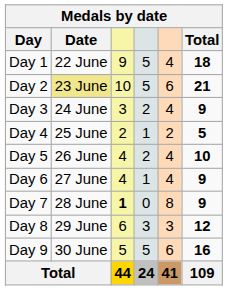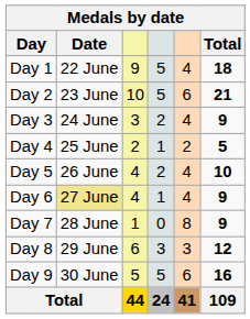 <table class=wikitable style="text-align:center;font-size:85%;float:right;clear:right;">
 <tr bgcolor=efefef>
 <th colspan=6>Medals by date</th>
 </tr>
 <tr>
 <th>Day</th>
 <th>Date</th>
 <td bgcolor=#f7f6a8></td>
 <td bgcolor=#dce5e5></td>
 <td bgcolor=#ffdab9></td>
 <th>Total</th>
 </tr>
 <tr>
 <td>Day 1</td>
 <td>22 June</td>
 <td bgcolor=F7F6A8>9</td>
 <td bgcolor=DCE5E5>5</td>
 <td bgcolor=FFDAB9>4</td>
 <td><strong>18</strong></td>
 </tr>
 <tr>
 <td>Day 2</td>
-<td style="background: khaki;">23 June</td>
+<td>23 June</td>
 <td bgcolor=F7F6A8>10</td>
 <td bgcolor=DCE5E5>5</td>
 <td bgcolor=FFDAB9>6</td>
 <td><strong>21</strong></td>
 </tr>
 <tr>
 <td>Day 3</td>
 <td>24 June</td>
 <td bgcolor=F7F6A8>3</td>
 <td bgcolor=DCE5E5>2</td>
 <td bgcolor=FFDAB9>4</td>
 <td><strong>9</strong></td>
 </tr>
 <tr>
 <td>Day 4</td>
 <td>25 June</td>
 <td bgcolor=F7F6A8>2</td>
 <td bgcolor=DCE5E5>1</td>
 <td bgcolor=FFDAB9>2</td>
 <td><strong>5</strong></td>
 </tr>
 <tr>
 <td>Day 5</td>
 <td>26 June</td>
 <td bgcolor=F7F6A8>4</td>
 <td bgcolor=DCE5E5>2</td>
 <td bgcolor=FFDAB9>4</td>
 <td><strong>10</strong></td>
 </tr>
 <tr>
 <td>Day 6</td>
-<td>27 June</td>
+<td style="background: khaki;">27 June</td>
 <td bgcolor=F7F6A8>4</td>
 <td bgcolor=DCE5E5>1</td>
 <td bgcolor=FFDAB9>4</td>
 <td><strong>9</strong></td>
 </tr>
 <tr>
 <td>Day 7</td>
 <td>28 June</td>
-<td bgcolor=F7F6A8><strong>1</strong></td>
+<td bgcolor=F7F6A8>1</td>
 <td bgcolor=DCE5E5>0</td>
 <td bgcolor=FFDAB9>8</td>
 <td><strong>9</strong></td>
 </tr>
 <tr>
 <td>Day 8</td>
 <td>29 June</td>
 <td bgcolor=F7F6A8>6</td>
 <td bgcolor=DCE5E5>3</td>
 <td bgcolor=FFDAB9>3</td>
 <td><strong>12</strong></td>
 </tr>
 <tr>
 <td>Day 9</td>
 <td>30 June</td>
 <td bgcolor=F7F6A8>5</td>
 <td bgcolor=DCE5E5>5</td>
 <td bgcolor=FFDAB9>6</td>
 <td><strong>16</strong></td>
 </tr>
 <tr>
 <th colspan=2>Total</th>
 <th style="background:gold">44</th>
 <th style="background:silver">24</th>
 <th style="background:#c96">41</th>
 <th>109</th>
 </tr>
 </table>
